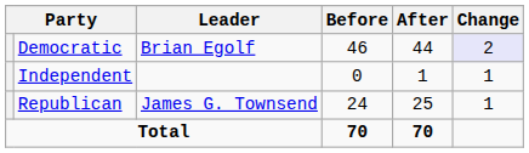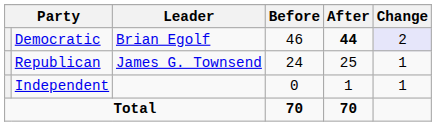 <table class="wikitable" style="text-align:center;">
 <tr>
 </tr>
 <tr>
 <th colspan=2>Party</th>
 <th>Leader</th>
 <th>Before</th>
 <th>After</th>
 <th>Change</th>
 </tr>
 <tr>
 <th style="background-color:"></th>
 <td style="text-align:left;"><a href='#'>Democratic</a></td>
 <td style="text-align:left;"><a href='#'>Brian Egolf</a></td>
 <td>46</td>
-<td>44</td>
+<td><strong>44</strong></td>
 <td style="background: lavender;"> 2</td>
+</tr>
+<tr>
+<th style="background-color:"></th>
+<td style="text-align:left;"><a href='#'>Republican</a></td>
+<td style="text-align:left;"><a href='#'>James G. Townsend</a></td>
+<td>24</td>
+<td>25</td>
+<td> 1</td>
 </tr>
 <tr>
 <th style="background-color:"></th>
 <td style="text-align:left;"><a href='#'>Independent</a></td>
 <td style="text-align:left;"></td>
 <td>0</td>
 <td>1</td>
 <td> 1</td>
 </tr>
 <tr>
-<th style="background-color:"></th>
-<td style="text-align:left;"><a href='#'>Republican</a></td>
-<td style="text-align:left;"><a href='#'>James G. Townsend</a></td>
-<td>24</td>
-<td>25</td>
-<td> 1</td>
-</tr>
-<tr>
 <td colspan=3><strong>Total</strong></td>
 <td><strong>70</strong></td>
 <td><strong>70</strong></td>
 <td></td>
 </tr>
 </table>
